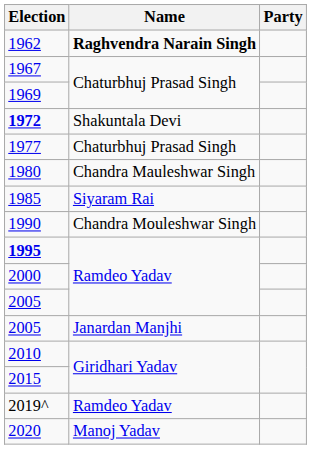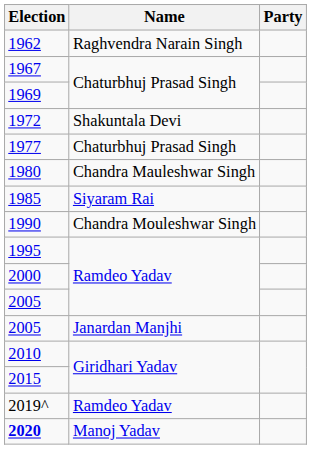 <table class="wikitable sortable">
 <tr>
 <th>Election</th>
 <th>Name</th>
 <th colspan="2">Party</th>
 </tr>
 <tr>
 <td><a href='#'>1962</a></td>
-<td><strong>Raghvendra Narain Singh</strong></td>
+<td>Raghvendra Narain Singh</td>
 <td></td>
 </tr>
 <tr>
 <td><a href='#'>1967</a></td>
 <td rowspan="2">Chaturbhuj Prasad Singh</td>
 <td></td>
 </tr>
 <tr>
 <td><a href='#'>1969</a></td>
 </tr>
 <tr>
-<td><strong><a href='#'>1972</a></strong></td>
+<td><a href='#'>1972</a></td>
 <td>Shakuntala Devi</td>
 <td></td>
 </tr>
 <tr>
 <td><a href='#'>1977</a></td>
 <td>Chaturbhuj Prasad Singh</td>
 <td></td>
 </tr>
 <tr>
 <td><a href='#'>1980</a></td>
 <td>Chandra Mauleshwar Singh</td>
 <td></td>
 </tr>
 <tr>
 <td><a href='#'>1985</a></td>
 <td><a href='#'>Siyaram Rai</a></td>
 <td></td>
 </tr>
 <tr>
 <td><a href='#'>1990</a></td>
 <td>Chandra Mouleshwar Singh</td>
 </tr>
 <tr>
-<td><strong><a href='#'>1995</a></strong></td>
+<td><a href='#'>1995</a></td>
 <td rowspan="3"><a href='#'>Ramdeo Yadav</a></td>
 <td></td>
 </tr>
 <tr>
 <td><a href='#'>2000</a></td>
 <td></td>
 </tr>
 <tr>
 <td><a href='#'>2005</a></td>
 </tr>
 <tr>
 <td><a href='#'>2005</a></td>
 <td><a href='#'>Janardan Manjhi</a></td>
 <td></td>
 </tr>
 <tr>
 <td><a href='#'>2010</a></td>
 <td rowspan="2"><a href='#'>Giridhari Yadav</a></td>
 </tr>
 <tr>
 <td><a href='#'>2015</a></td>
 </tr>
 <tr>
 <td>2019^</td>
 <td><a href='#'>Ramdeo Yadav</a></td>
 <td></td>
 </tr>
 <tr>
-<td><a href='#'>2020</a></td>
+<td><strong><a href='#'>2020</a></strong></td>
 <td><a href='#'>Manoj Yadav</a></td>
 <td></td>
 </tr>
 </table>
